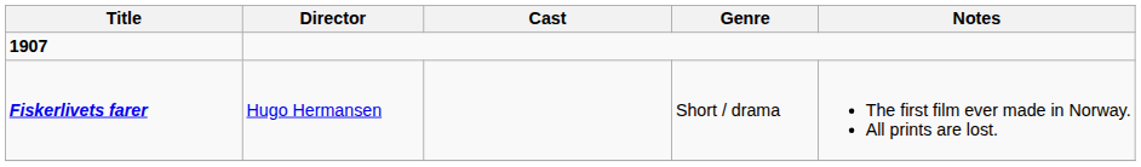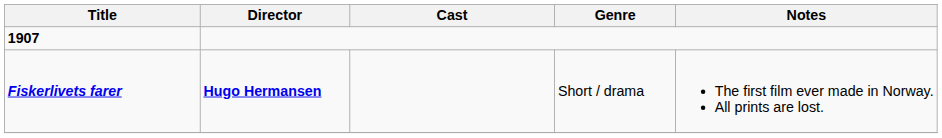 <table class="wikitable">
 <tr>
 <th width=21%>Title</th>
 <th width=16%>Director</th>
 <th width=22%>Cast</th>
 <th width=13%>Genre</th>
 <th width=28%>Notes</th>
 </tr>
 <tr>
 <td><strong>1907</strong></td>
 </tr>
 <tr>
 <td><strong><em><a href='#'>Fiskerlivets farer</a></em></strong></td>
-<td><a href='#'>Hugo Hermansen</a></td>
+<td><strong><a href='#'>Hugo Hermansen</a></strong></td>
 <td></td>
 <td>Short / drama</td>
 <td><br><ul><li>The first film ever made in Norway.</li><li>All prints are lost.</li></ul></td>
 </tr>
 <tr>
 </tr>
 </table>
